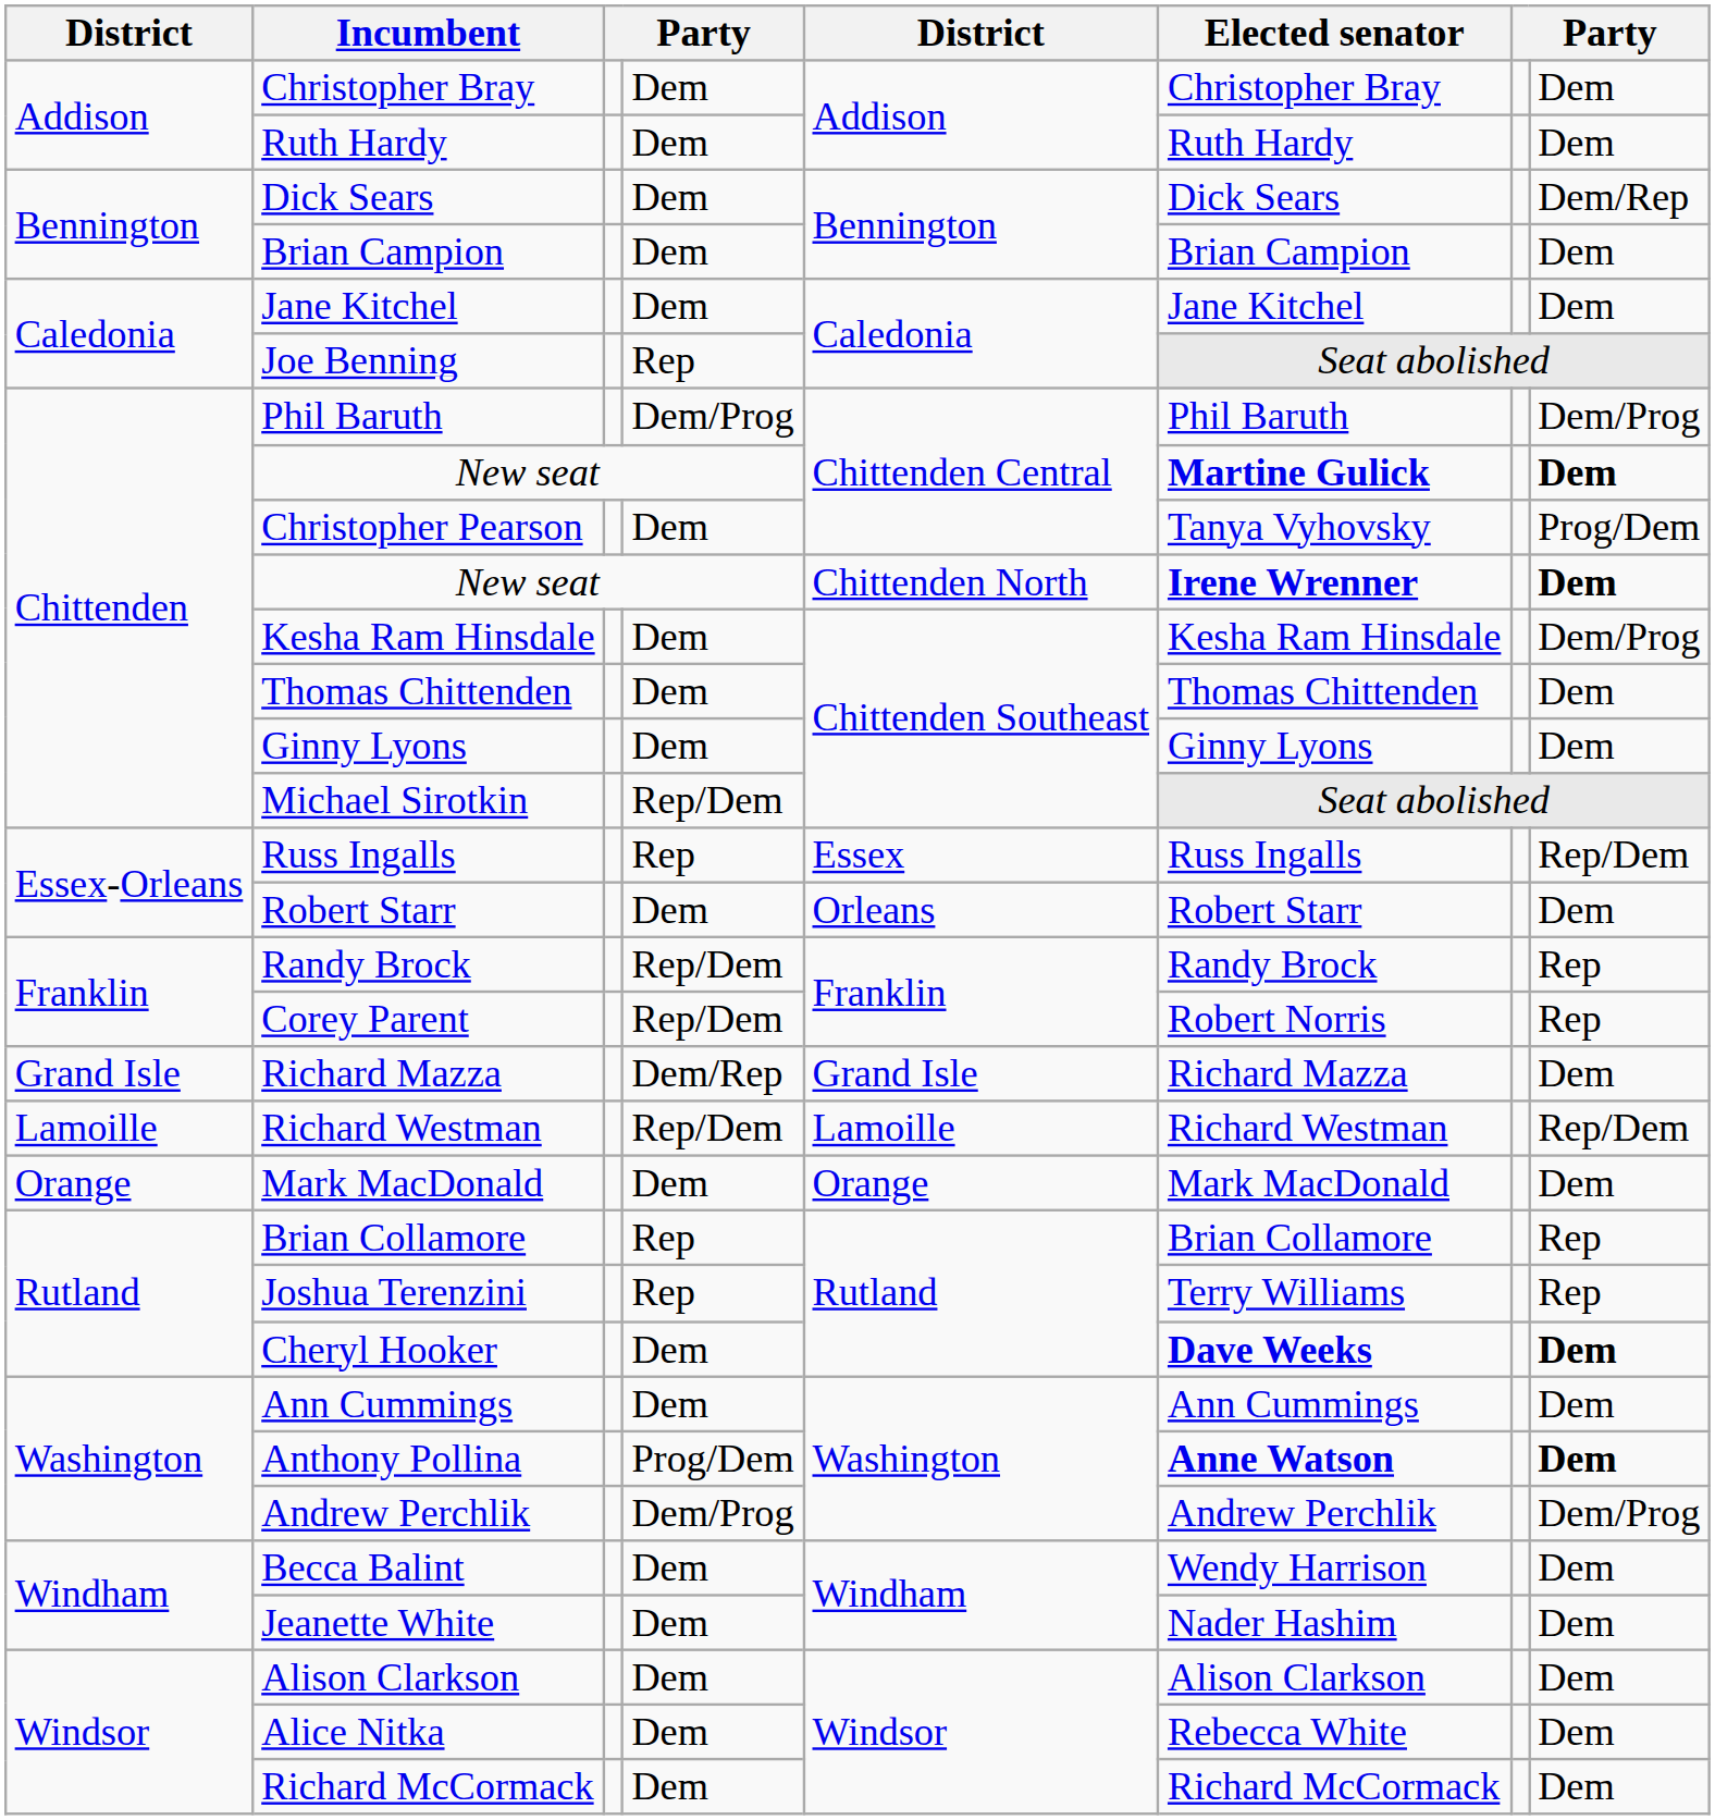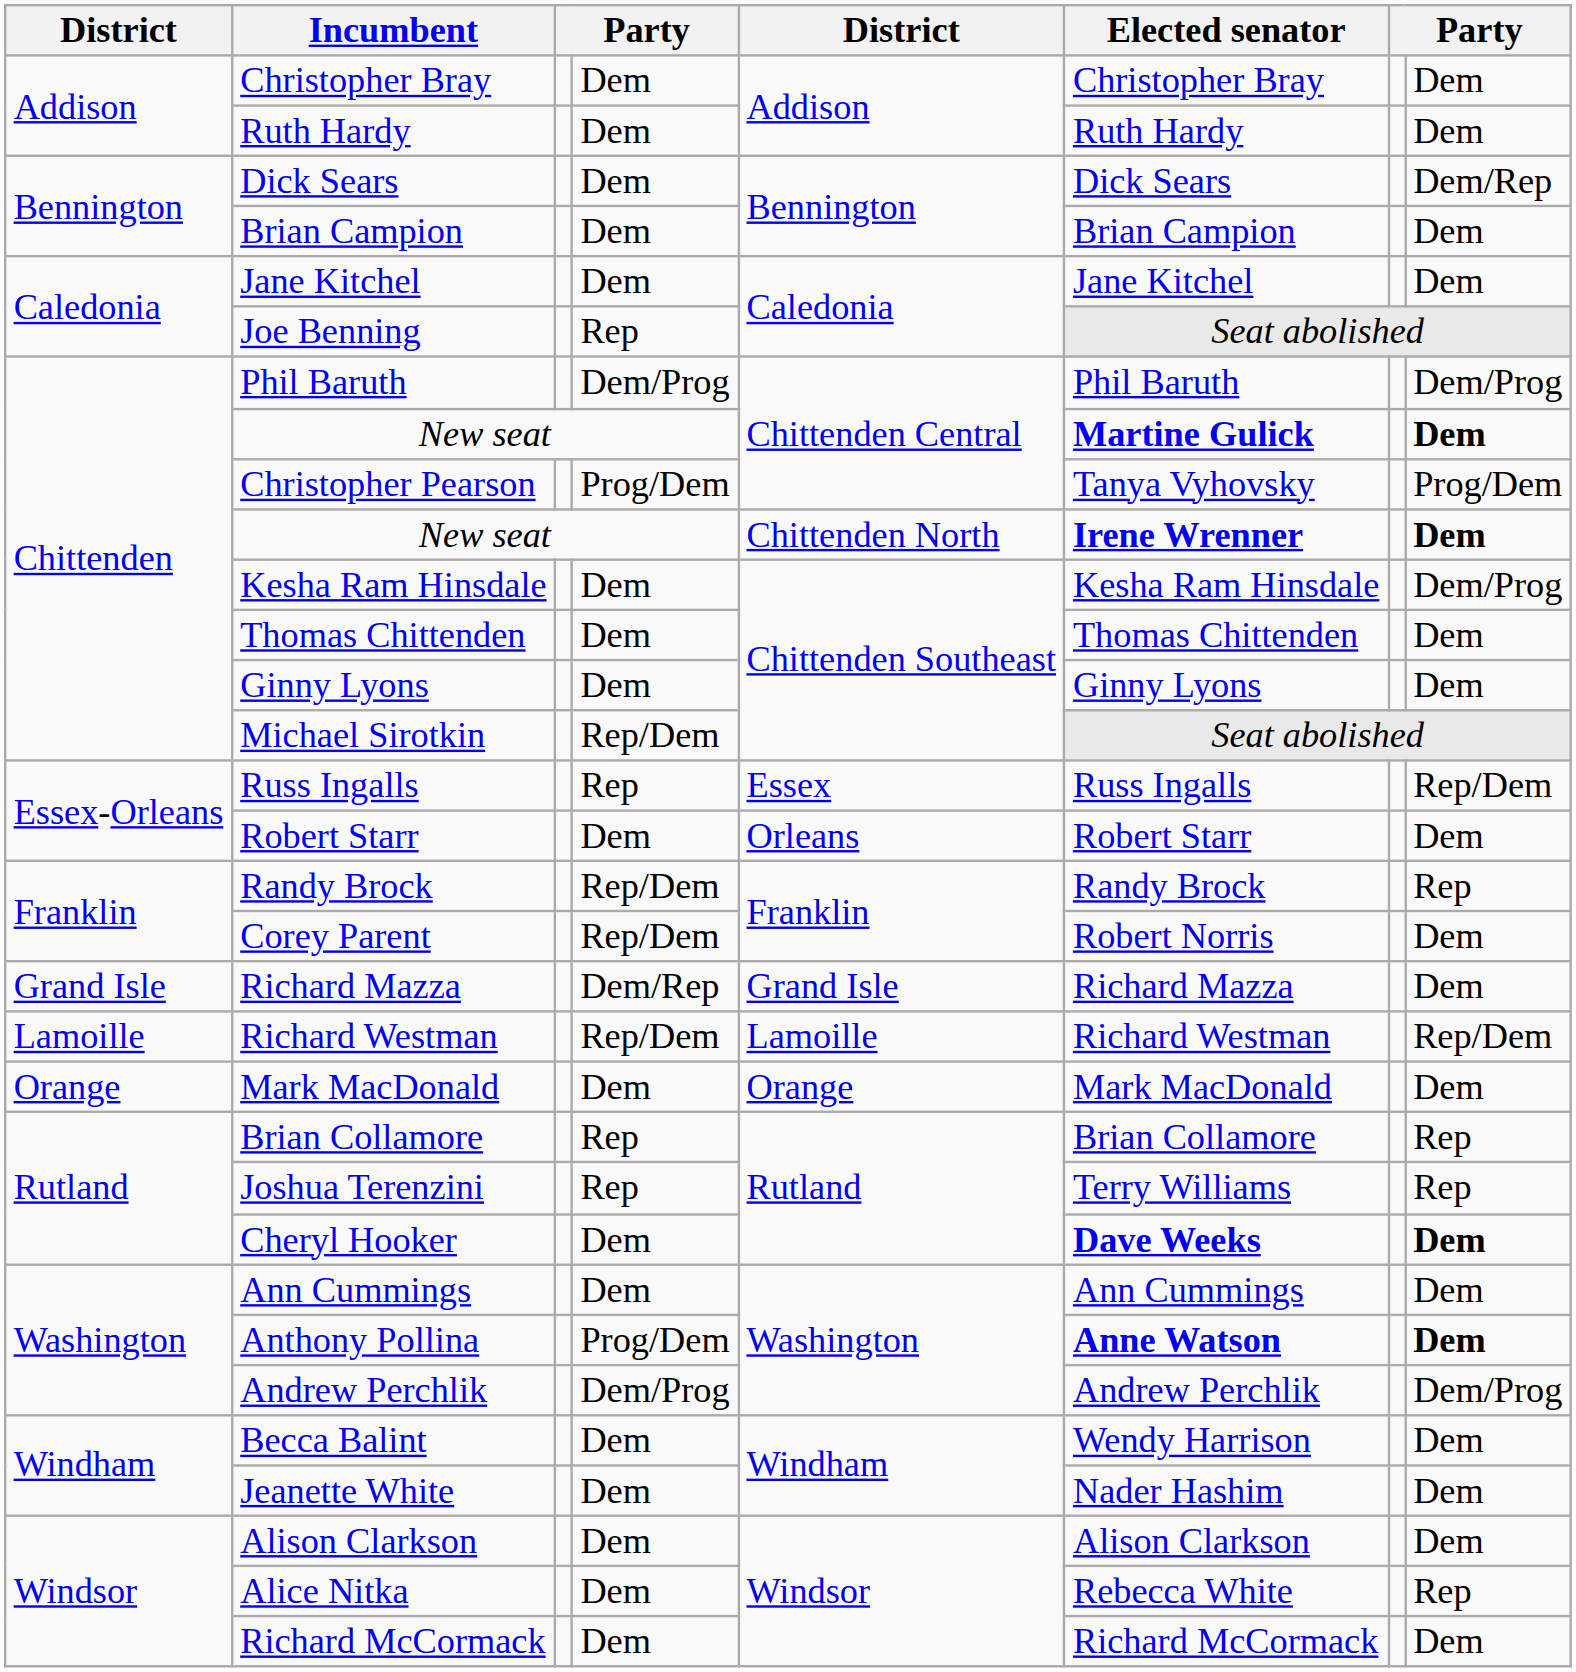 <table class=wikitable style="font-size:95%;line-height:14px;">
 <tr>
 <th>District</th>
 <th><a href='#'>Incumbent</a></th>
 <th colspan=2>Party</th>
 <th>District</th>
 <th class="unsortable">Elected senator</th>
 <th colspan=2>Party</th>
 </tr>
 <tr>
 <td rowspan=2><a href='#'>Addison</a></td>
 <td><a href='#'>Christopher Bray</a></td>
 <td style="background:"></td>
 <td>Dem</td>
 <td rowspan=2><a href='#'>Addison</a></td>
 <td><a href='#'>Christopher Bray</a></td>
 <td style="background:"></td>
 <td>Dem</td>
 </tr>
 <tr>
 <td><a href='#'>Ruth Hardy</a></td>
 <td style="background:"></td>
 <td>Dem</td>
 <td><a href='#'>Ruth Hardy</a></td>
 <td style="background:"></td>
 <td>Dem</td>
 </tr>
 <tr>
 <td rowspan=2><a href='#'>Bennington</a></td>
 <td><a href='#'>Dick Sears</a></td>
 <td style="background:"></td>
 <td>Dem</td>
 <td rowspan=2><a href='#'>Bennington</a></td>
 <td><a href='#'>Dick Sears</a></td>
 <td style="background:"></td>
 <td>Dem/Rep</td>
 </tr>
 <tr>
 <td><a href='#'>Brian Campion</a></td>
 <td style="background:"></td>
 <td>Dem</td>
 <td><a href='#'>Brian Campion</a></td>
 <td style="background:"></td>
 <td>Dem</td>
 </tr>
 <tr>
 <td rowspan=2><a href='#'>Caledonia</a></td>
 <td><a href='#'>Jane Kitchel</a></td>
 <td style="background:"></td>
 <td>Dem</td>
 <td rowspan=2><a href='#'>Caledonia</a></td>
 <td><a href='#'>Jane Kitchel</a></td>
 <td style="background:"></td>
 <td>Dem</td>
 </tr>
 <tr>
 <td><a href='#'>Joe Benning</a></td>
 <td style="background:"></td>
 <td>Rep</td>
 <td colspan=3 align=center style="background:#E9E9E9;"><em>Seat abolished</em></td>
 </tr>
 <tr>
 <td rowspan=8><a href='#'>Chittenden</a></td>
 <td><a href='#'>Phil Baruth</a></td>
 <td style="background:"></td>
 <td>Dem/Prog</td>
 <td rowspan=3><a href='#'>Chittenden Central</a></td>
 <td><a href='#'>Phil Baruth</a></td>
 <td style="background:"></td>
 <td>Dem/Prog</td>
 </tr>
 <tr>
 <td colspan=3 align=center><em>New seat</em></td>
 <td><strong><a href='#'>Martine Gulick</a></strong></td>
 <td style="background:"></td>
 <td><strong>Dem</strong></td>
 </tr>
 <tr>
 <td><a href='#'>Christopher Pearson</a></td>
 <td style="background:"></td>
-<td>Dem</td>
+<td>Prog/Dem</td>
 <td><a href='#'>Tanya Vyhovsky</a></td>
 <td style="background:"></td>
 <td>Prog/Dem</td>
 </tr>
 <tr>
 <td colspan=3 align=center><em>New seat</em></td>
 <td><a href='#'>Chittenden North</a></td>
 <td><strong><a href='#'>Irene Wrenner</a></strong></td>
 <td style="background:"></td>
 <td><strong>Dem</strong></td>
 </tr>
 <tr>
 <td><a href='#'>Kesha Ram Hinsdale</a></td>
 <td style="background:"></td>
 <td>Dem</td>
 <td rowspan=4><a href='#'>Chittenden Southeast</a></td>
 <td><a href='#'>Kesha Ram Hinsdale</a></td>
 <td style="background:"></td>
 <td>Dem/Prog</td>
 </tr>
 <tr>
 <td><a href='#'>Thomas Chittenden</a></td>
 <td style="background:"></td>
 <td>Dem</td>
 <td><a href='#'>Thomas Chittenden</a></td>
 <td style="background:"></td>
 <td>Dem</td>
 </tr>
 <tr>
 <td><a href='#'>Ginny Lyons</a></td>
 <td style="background:"></td>
 <td>Dem</td>
 <td><a href='#'>Ginny Lyons</a></td>
 <td style="background:"></td>
 <td>Dem</td>
 </tr>
 <tr>
 <td><a href='#'>Michael Sirotkin</a></td>
 <td style="background:"></td>
 <td>Rep/Dem</td>
 <td colspan=3 align=center style="background:#E9E9E9;"><em>Seat abolished</em></td>
 </tr>
 <tr>
 <td rowspan=2><a href='#'>Essex</a>-<a href='#'>Orleans</a></td>
 <td><a href='#'>Russ Ingalls</a></td>
 <td style="background:"></td>
 <td>Rep</td>
 <td><a href='#'>Essex</a></td>
 <td><a href='#'>Russ Ingalls</a></td>
 <td style="background:"></td>
 <td>Rep/Dem</td>
 </tr>
 <tr>
 <td><a href='#'>Robert Starr</a></td>
 <td style="background:"></td>
 <td>Dem</td>
 <td><a href='#'>Orleans</a></td>
 <td><a href='#'>Robert Starr</a></td>
 <td style="background:"></td>
 <td>Dem</td>
 </tr>
 <tr>
 <td rowspan=2><a href='#'>Franklin</a></td>
 <td><a href='#'>Randy Brock</a></td>
 <td style="background:"></td>
 <td>Rep/Dem</td>
 <td rowspan=2><a href='#'>Franklin</a></td>
 <td><a href='#'>Randy Brock</a></td>
 <td style="background:"></td>
 <td>Rep</td>
 </tr>
 <tr>
 <td><a href='#'>Corey Parent</a></td>
 <td style="background:"></td>
 <td>Rep/Dem</td>
 <td><a href='#'>Robert Norris</a></td>
 <td style="background:"></td>
-<td>Rep</td>
+<td>Dem</td>
 </tr>
 <tr>
 <td><a href='#'>Grand Isle</a></td>
 <td><a href='#'>Richard Mazza</a></td>
 <td style="background:"></td>
 <td>Dem/Rep</td>
 <td><a href='#'>Grand Isle</a></td>
 <td><a href='#'>Richard Mazza</a></td>
 <td style="background:"></td>
 <td>Dem</td>
 </tr>
 <tr>
 <td><a href='#'>Lamoille</a></td>
 <td><a href='#'>Richard Westman</a></td>
 <td style="background:"></td>
 <td>Rep/Dem</td>
 <td><a href='#'>Lamoille</a></td>
 <td><a href='#'>Richard Westman</a></td>
 <td style="background:"></td>
 <td>Rep/Dem</td>
 </tr>
 <tr>
 <td><a href='#'>Orange</a></td>
 <td><a href='#'>Mark MacDonald</a></td>
 <td style="background:"></td>
 <td>Dem</td>
 <td><a href='#'>Orange</a></td>
 <td><a href='#'>Mark MacDonald</a></td>
 <td style="background:"></td>
 <td>Dem</td>
 </tr>
 <tr>
 <td rowspan=3><a href='#'>Rutland</a></td>
 <td><a href='#'>Brian Collamore</a></td>
 <td style="background:"></td>
 <td>Rep</td>
 <td rowspan=3><a href='#'>Rutland</a></td>
 <td><a href='#'>Brian Collamore</a></td>
 <td style="background:"></td>
 <td>Rep</td>
 </tr>
 <tr>
 <td><a href='#'>Joshua Terenzini</a></td>
 <td style="background:"></td>
 <td>Rep</td>
 <td><a href='#'>Terry Williams</a></td>
 <td style="background:"></td>
 <td>Rep</td>
 </tr>
 <tr>
 <td><a href='#'>Cheryl Hooker</a></td>
 <td style="background:"></td>
 <td>Dem</td>
 <td><strong><a href='#'>Dave Weeks</a></strong></td>
 <td style="background:"></td>
 <td><strong>Dem</strong></td>
 </tr>
 <tr>
 <td rowspan=3><a href='#'>Washington</a></td>
 <td><a href='#'>Ann Cummings</a></td>
 <td style="background:"></td>
 <td>Dem</td>
 <td rowspan=3><a href='#'>Washington</a></td>
 <td><a href='#'>Ann Cummings</a></td>
 <td style="background:"></td>
 <td>Dem</td>
 </tr>
 <tr>
 <td><a href='#'>Anthony Pollina</a></td>
 <td style="background:"></td>
 <td>Prog/Dem</td>
 <td><strong><a href='#'>Anne Watson</a></strong></td>
 <td style="background:"></td>
 <td><strong>Dem</strong></td>
 </tr>
 <tr>
 <td><a href='#'>Andrew Perchlik</a></td>
 <td style="background:"></td>
 <td>Dem/Prog</td>
 <td><a href='#'>Andrew Perchlik</a></td>
 <td style="background:"></td>
 <td>Dem/Prog</td>
 </tr>
 <tr>
 <td rowspan=2><a href='#'>Windham</a></td>
 <td><a href='#'>Becca Balint</a></td>
 <td style="background:"></td>
 <td>Dem</td>
 <td rowspan=2><a href='#'>Windham</a></td>
 <td><a href='#'>Wendy Harrison</a></td>
 <td style="background:"></td>
 <td>Dem</td>
 </tr>
 <tr>
 <td><a href='#'>Jeanette White</a></td>
 <td style="background:"></td>
 <td>Dem</td>
 <td><a href='#'>Nader Hashim</a></td>
 <td style="background:"></td>
 <td>Dem</td>
 </tr>
 <tr>
 <td rowspan=3><a href='#'>Windsor</a></td>
 <td><a href='#'>Alison Clarkson</a></td>
 <td style="background:"></td>
 <td>Dem</td>
 <td rowspan=3><a href='#'>Windsor</a></td>
 <td><a href='#'>Alison Clarkson</a></td>
 <td style="background:"></td>
 <td>Dem</td>
 </tr>
 <tr>
 <td><a href='#'>Alice Nitka</a></td>
 <td style="background:"></td>
 <td>Dem</td>
 <td><a href='#'>Rebecca White</a></td>
 <td style="background:"></td>
-<td>Dem</td>
+<td>Rep</td>
 </tr>
 <tr>
 <td><a href='#'>Richard McCormack</a></td>
 <td style="background:"></td>
 <td>Dem</td>
 <td><a href='#'>Richard McCormack</a></td>
 <td style="background:"></td>
 <td>Dem</td>
 </tr>
 </table>
